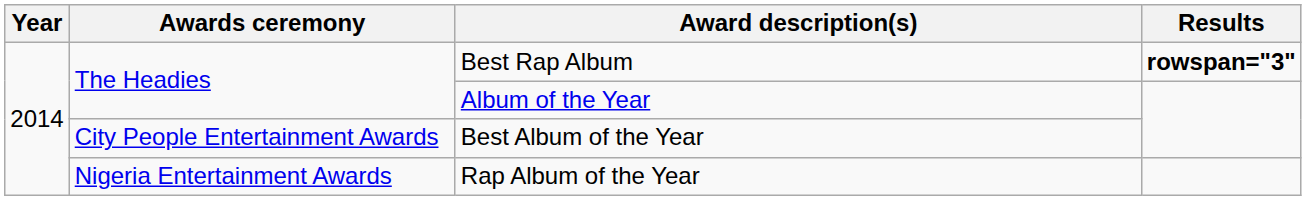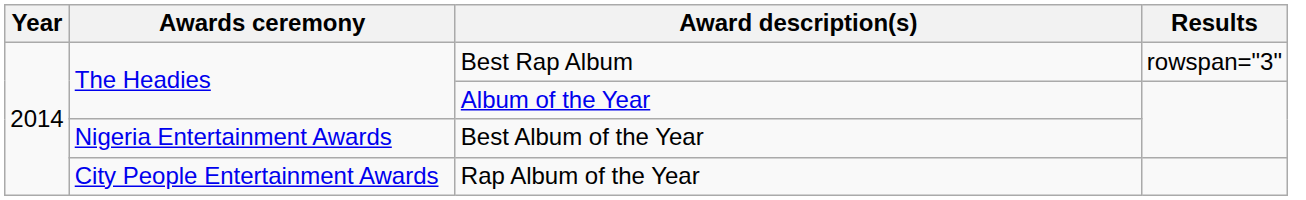 <table class="wikitable">
 <tr>
 <th>Year</th>
 <th width="250">Awards ceremony</th>
 <th width="450">Award description(s)</th>
 <th width="75">Results</th>
 </tr>
 <tr>
 <td rowspan="4">2014</td>
 <td rowspan="2"><a href='#'>The Headies</a></td>
 <td>Best Rap Album</td>
-<td><strong>rowspan="3" </strong></td>
+<td>rowspan="3" </td>
 </tr>
 <tr>
 <td><a href='#'>Album of the Year</a></td>
 </tr>
 <tr>
-<td><a href='#'>City People Entertainment Awards</a></td>
+<td><a href='#'>Nigeria Entertainment Awards</a></td>
 <td>Best Album of the Year</td>
 </tr>
 <tr>
-<td><a href='#'>Nigeria Entertainment Awards</a></td>
+<td><a href='#'>City People Entertainment Awards</a></td>
 <td>Rap Album of the Year</td>
 <td></td>
 </tr>
 </table>
